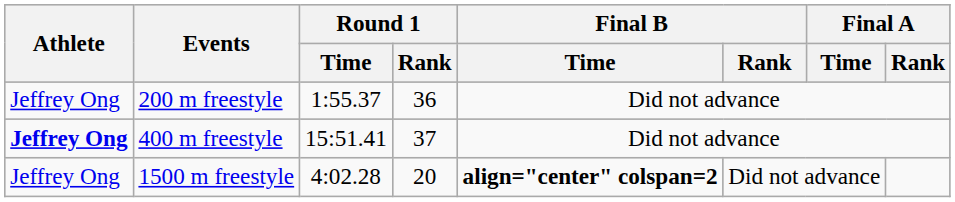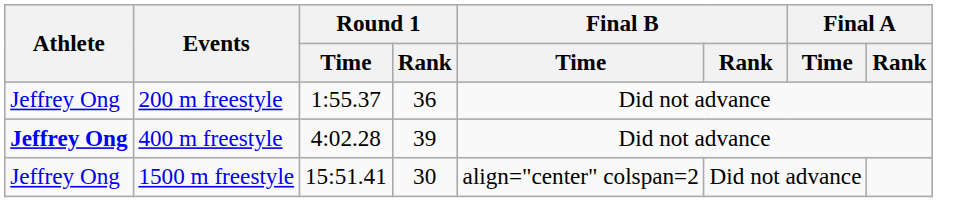 <table class=wikitable style="font-size:90%">
 <tr>
 <th rowspan="2">Athlete</th>
 <th rowspan="2">Events</th>
 <th colspan="2">Round 1</th>
 <th colspan="2">Final B</th>
 <th colspan="2">Final A</th>
 </tr>
 <tr>
 <th>Time</th>
 <th>Rank</th>
 <th>Time</th>
 <th>Rank</th>
 <th>Time</th>
 <th>Rank</th>
 </tr>
 <tr>
 <td><a href='#'>Jeffrey Ong</a></td>
 <td><a href='#'>200 m freestyle</a></td>
 <td align="center">1:55.37</td>
 <td align="center">36</td>
 <td align="center" colspan=4>Did not advance</td>
 </tr>
 <tr>
 <td><strong><a href='#'>Jeffrey Ong</a></strong></td>
 <td><a href='#'>400 m freestyle</a></td>
-<td align="center">15:51.41</td>
-<td align="center">37</td>
+<td align="center">4:02.28</td>
+<td align="center">39</td>
 <td align="center" colspan=4>Did not advance</td>
 </tr>
 <tr>
 <td><a href='#'>Jeffrey Ong</a></td>
 <td><a href='#'>1500 m freestyle</a></td>
-<td align="center">4:02.28</td>
-<td align="center">20</td>
-<td><strong>align="center" colspan=2 </strong></td>
+<td align="center">15:51.41</td>
+<td align="center">30</td>
+<td>align="center" colspan=2 </td>
 <td align="center" colspan=2>Did not advance</td>
 </tr>
 </table>
